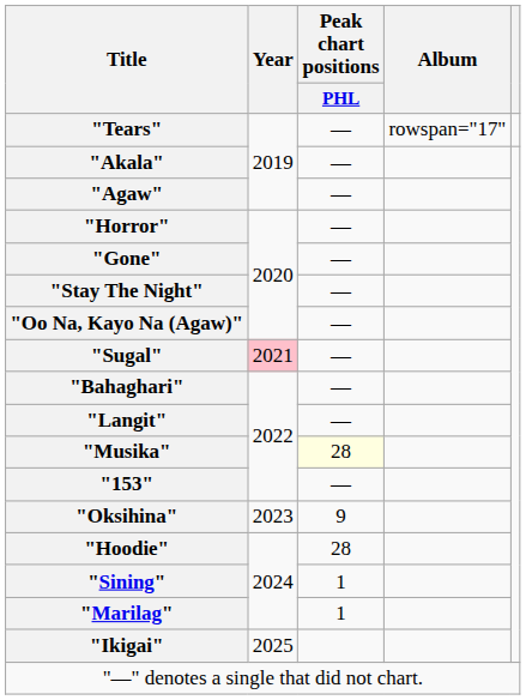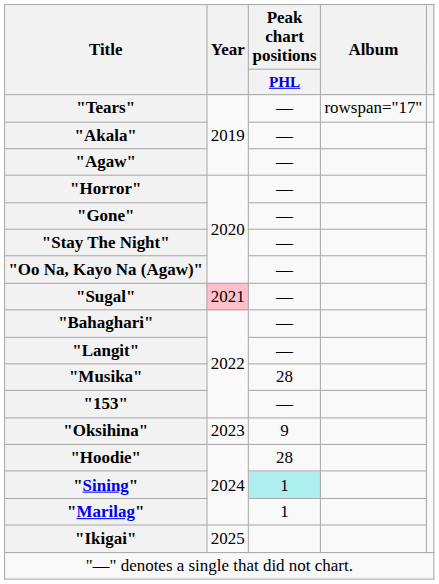 <table class="wikitable plainrowheaders" style="text-align:center;">
 <tr>
 <th scope="col" rowspan="2">Title</th>
 <th scope="col" rowspan="2">Year</th>
 <th scope="col" colspan="1">Peak chart positions</th>
 <th scope="col" rowspan="2">Album</th>
 <th scope="col" rowspan="2"></th>
 </tr>
 <tr>
 <th scope="col" style="font-size:90%; width:3.5em"><a href='#'>PHL</a><br></th>
 </tr>
 <tr>
 <th scope="row">"Tears"</th>
 <td rowspan="3">2019</td>
 <td>—</td>
 <td>rowspan="17" </td>
 <td></td>
 </tr>
 <tr>
 <th scope="row">"Akala"</th>
 <td>—</td>
 <td></td>
 </tr>
 <tr>
 <th scope="row">"Agaw"</th>
 <td>—</td>
 <td></td>
 </tr>
 <tr>
 <th scope="row">"Horror"</th>
 <td rowspan="4">2020</td>
 <td>—</td>
 <td></td>
 </tr>
 <tr>
 <th scope="row">"Gone"</th>
 <td>—</td>
 <td></td>
 </tr>
 <tr>
 <th scope="row">"Stay The Night" </th>
 <td>—</td>
 <td></td>
 </tr>
 <tr>
 <th scope="row">"Oo Na, Kayo Na (Agaw)"</th>
 <td>—</td>
 <td></td>
 </tr>
 <tr>
 <th scope="row">"Sugal"</th>
 <td style="background: pink;">2021</td>
 <td>—</td>
 <td></td>
 </tr>
 <tr>
 <th scope="row">"Bahaghari"</th>
 <td rowspan="4">2022</td>
 <td>—</td>
 <td></td>
 </tr>
 <tr>
 <th scope="row">"Langit"</th>
 <td>—</td>
 <td></td>
 </tr>
 <tr>
 <th scope="row">"Musika"</th>
-<td style="background: lightyellow;">28</td>
+<td>28</td>
 <td></td>
 </tr>
 <tr>
 <th scope="row">"153"</th>
 <td>—</td>
 <td></td>
 </tr>
 <tr>
 <th scope="row">"Oksihina"</th>
 <td>2023</td>
 <td>9</td>
 <td></td>
 </tr>
 <tr>
 <th scope="row">"Hoodie" </th>
 <td rowspan="3">2024</td>
 <td>28</td>
 <td></td>
 </tr>
 <tr>
 <th scope="row">"<a href='#'>Sining</a>" </th>
-<td>1</td>
+<td style="background: paleturquoise;">1</td>
 <td></td>
 </tr>
 <tr>
 <th scope="row">"<a href='#'>Marilag</a>"</th>
 <td>1</td>
 <td></td>
 </tr>
 <tr>
 <th scope="row">"Ikigai" </th>
 <td>2025</td>
 <td></td>
 <td></td>
 </tr>
 <tr>
 <td colspan="6">"—" denotes a single that did not chart.</td>
 </tr>
 </table>
